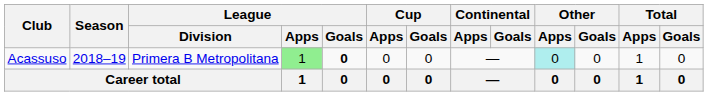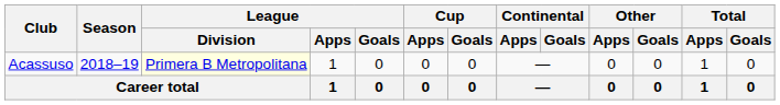 <table class="wikitable" style="text-align:center">
 <tr>
 <th rowspan="2">Club</th>
 <th rowspan="2">Season</th>
 <th colspan="3">League</th>
 <th colspan="2">Cup</th>
 <th colspan="2">Continental</th>
 <th colspan="2">Other</th>
 <th colspan="2">Total</th>
 </tr>
 <tr>
 <th>Division</th>
 <th>Apps</th>
 <th>Goals</th>
 <th>Apps</th>
 <th>Goals</th>
 <th>Apps</th>
 <th>Goals</th>
 <th>Apps</th>
 <th>Goals</th>
 <th>Apps</th>
 <th>Goals</th>
 </tr>
 <tr>
 <td rowspan="1"><a href='#'>Acassuso</a></td>
 <td><a href='#'>2018–19</a></td>
-<td rowspan="1"><a href='#'>Primera B Metropolitana</a></td>
-<td style="background: lightgreen;">1</td>
-<td><strong>0</strong></td>
+<td rowspan="1" style="background: lightyellow;"><a href='#'>Primera B Metropolitana</a></td>
+<td>1</td>
+<td>0</td>
 <td>0</td>
 <td>0</td>
 <td colspan="2">—</td>
-<td style="background: paleturquoise;">0</td>
+<td>0</td>
 <td>0</td>
 <td>1</td>
 <td>0</td>
 </tr>
 <tr>
 <th colspan="3">Career total</th>
 <th>1</th>
 <th>0</th>
 <th>0</th>
 <th>0</th>
 <th colspan="2">—</th>
 <th>0</th>
 <th>0</th>
 <th>1</th>
 <th>0</th>
 </tr>
 </table>
